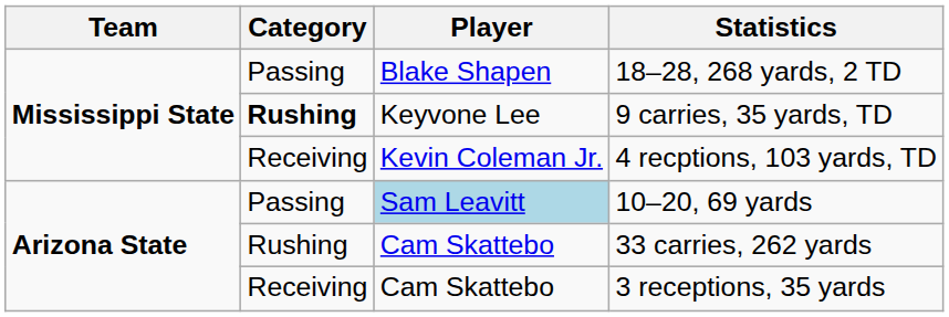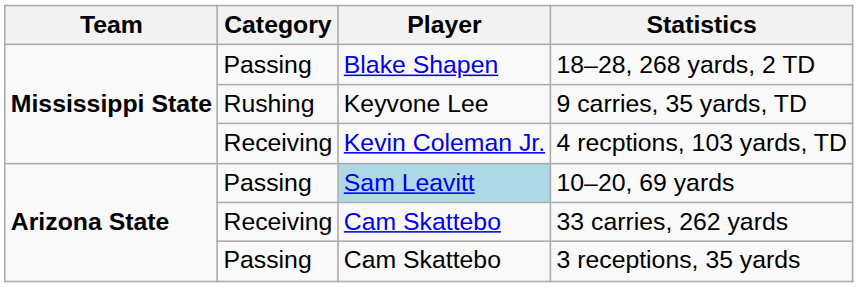 <table class="wikitable" style="float: right;">
 <tr>
 <th>Team</th>
 <th>Category</th>
 <th>Player</th>
 <th>Statistics</th>
 </tr>
 <tr>
 <td rowspan=3><strong>Mississippi State</strong></td>
 <td>Passing</td>
 <td><a href='#'>Blake Shapen</a></td>
 <td>18–28, 268 yards, 2 TD</td>
 </tr>
 <tr>
-<td><strong>Rushing</strong></td>
+<td>Rushing</td>
 <td>Keyvone Lee</td>
 <td>9 carries, 35 yards, TD</td>
 </tr>
 <tr>
 <td>Receiving</td>
 <td><a href='#'>Kevin Coleman Jr.</a></td>
 <td>4 recptions, 103 yards, TD</td>
 </tr>
 <tr>
 <td rowspan=3><strong>Arizona State</strong></td>
 <td>Passing</td>
 <td style="background: lightblue;"><a href='#'>Sam Leavitt</a></td>
 <td>10–20, 69 yards</td>
 </tr>
 <tr>
-<td>Rushing</td>
+<td>Receiving</td>
 <td><a href='#'>Cam Skattebo</a></td>
 <td>33 carries, 262 yards</td>
 </tr>
 <tr>
-<td>Receiving</td>
+<td>Passing</td>
 <td>Cam Skattebo</td>
 <td>3 receptions, 35 yards</td>
 </tr>
 </table>
